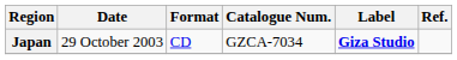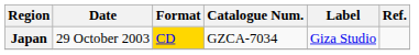 <table class="wikitable sortable plainrowheaders">
 <tr>
 <th scope="col">Region</th>
 <th scope="col">Date</th>
 <th scope="col">Format</th>
 <th scope="col">Catalogue Num.</th>
 <th scope="col">Label</th>
 <th scope="col">Ref.</th>
 </tr>
 <tr>
 <th scope="row">Japan</th>
 <td>29 October 2003</td>
-<td><a href='#'>CD</a></td>
+<td style="background: gold;"><a href='#'>CD</a></td>
 <td>GZCA-7034</td>
-<td><strong><a href='#'>Giza Studio</a></strong></td>
+<td><a href='#'>Giza Studio</a></td>
 <td></td>
 </tr>
 <tr>
 </tr>
 </table>
